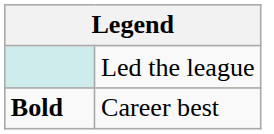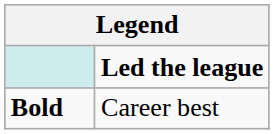 <table class="wikitable">
 <tr>
 <th colspan="2">Legend</th>
 </tr>
 <tr>
 <td style="background:#cfecec; width:3em;"></td>
-<td>Led the league</td>
+<td><strong>Led the league</strong></td>
 </tr>
 <tr>
 <td style="width:3em;"><strong>Bold</strong></td>
 <td>Career best</td>
 </tr>
 </table>
